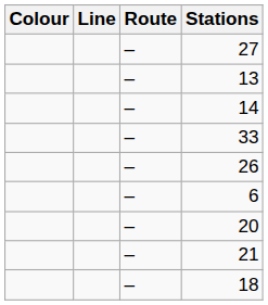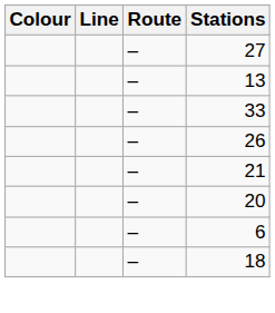 <table class=wikitable>
 <tr>
 <th>Colour</th>
 <th>Line</th>
 <th>Route</th>
 <th>Stations</th>
 </tr>
 <tr>
 <td></td>
 <td style="text-align:center;"></td>
 <td> – </td>
 <td align="right">27</td>
 </tr>
 <tr>
 <td></td>
 <td style="text-align:center;"></td>
 <td> – </td>
 <td align="right">13</td>
 </tr>
 <tr>
 <td></td>
 <td style="text-align:center;"></td>
 <td> – </td>
-<td align="right">14</td>
-</tr>
-<tr>
-<td></td>
-<td style="text-align:center;"></td>
-<td> – </td>
 <td align="right">33</td>
 </tr>
 <tr>
 <td></td>
 <td style="text-align:center;"></td>
 <td> – </td>
 <td align="right">26</td>
 </tr>
 <tr>
 <td></td>
 <td style="text-align:center;"></td>
 <td> – </td>
-<td align="right">6</td>
+<td align="right">21</td>
 </tr>
 <tr>
 <td></td>
 <td style="text-align:center;"></td>
 <td> – </td>
 <td align="right">20</td>
 </tr>
 <tr>
 <td></td>
 <td style="text-align:center;"></td>
 <td> – </td>
-<td align="right">21</td>
+<td align="right">6</td>
 </tr>
 <tr>
 <td></td>
 <td style="text-align:center;"></td>
 <td> – </td>
 <td align="right">18</td>
 </tr>
 </table>
